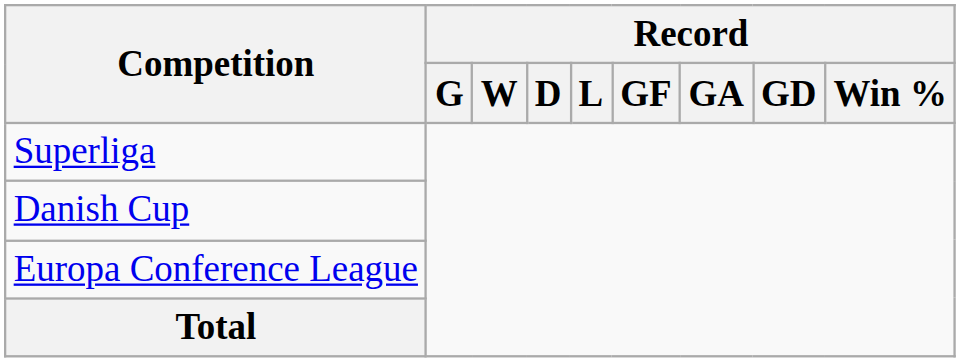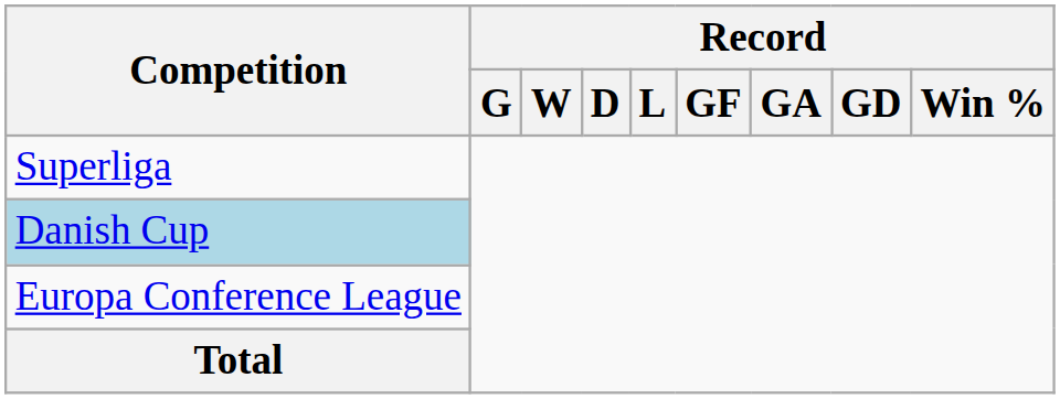 <table class="wikitable" style="text-align: center">
 <tr>
 <th rowspan="2">Competition</th>
 <th colspan="9">Record</th>
 </tr>
 <tr>
 <th>G</th>
 <th>W</th>
 <th>D</th>
 <th>L</th>
 <th>GF</th>
 <th>GA</th>
 <th>GD</th>
 <th>Win %</th>
 </tr>
 <tr>
 <td style="text-align: left"><a href='#'>Superliga</a><br></td>
 </tr>
 <tr>
-<td style="text-align: left"><a href='#'>Danish Cup</a><br></td>
+<td style="background: lightblue; text-align: left"><a href='#'>Danish Cup</a><br></td>
 </tr>
 <tr>
 <td style="text-align: left"><a href='#'>Europa Conference League</a><br></td>
 </tr>
 <tr>
 <th>Total<br></th>
 </tr>
 </table>
